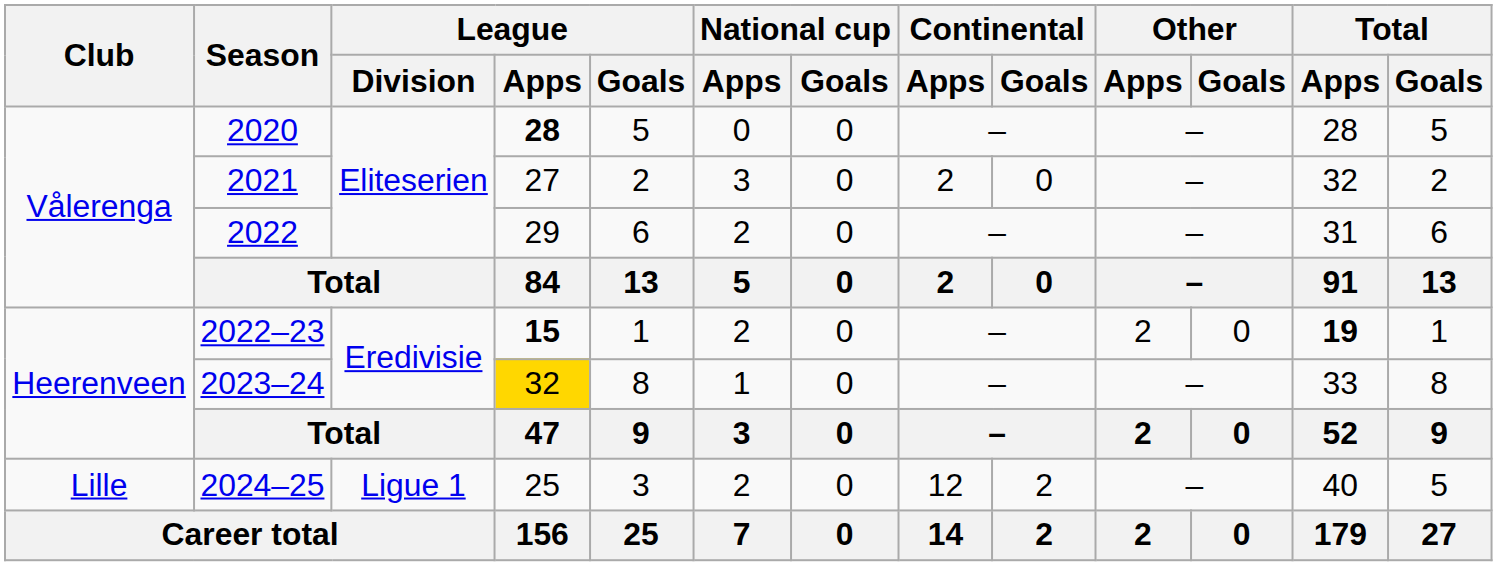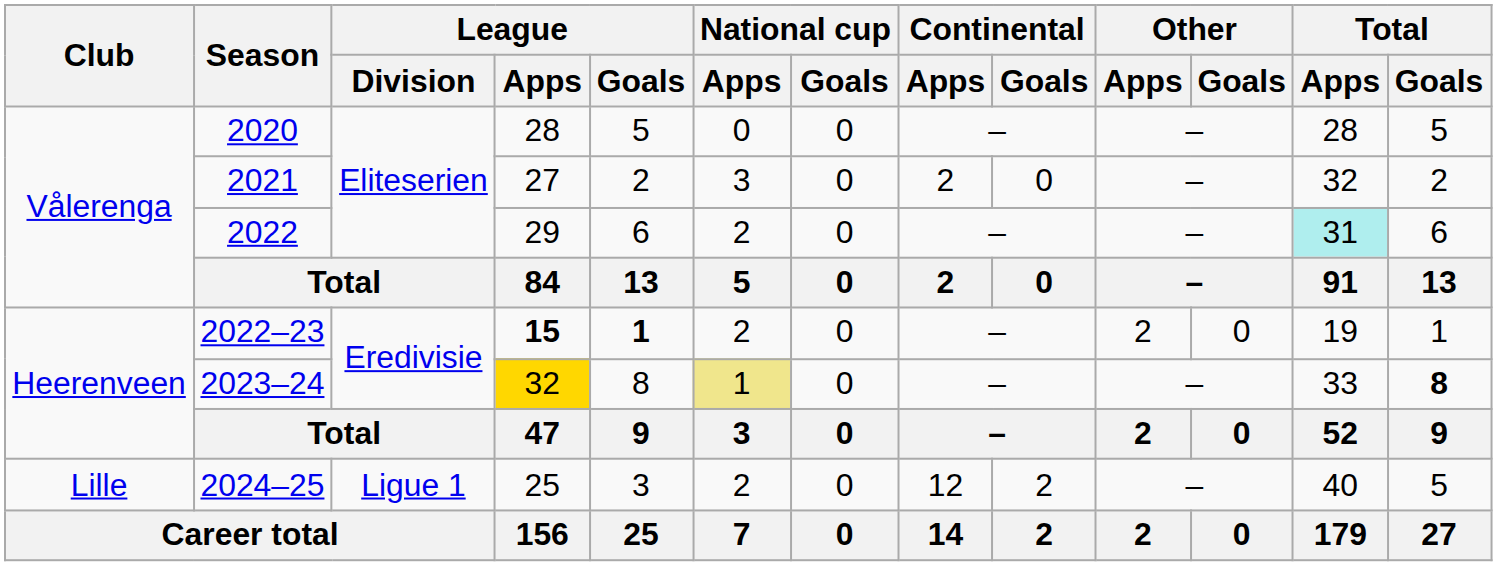 <table class="wikitable" style="text-align:center">
 <tr>
 <th rowspan="2">Club</th>
 <th rowspan="2">Season</th>
 <th colspan="3">League</th>
 <th colspan="2">National cup</th>
 <th colspan="2">Continental</th>
 <th colspan="2">Other</th>
 <th colspan="2">Total</th>
 </tr>
 <tr>
 <th>Division</th>
 <th>Apps</th>
 <th>Goals</th>
 <th>Apps</th>
 <th>Goals</th>
 <th>Apps</th>
 <th>Goals</th>
 <th>Apps</th>
 <th>Goals</th>
 <th>Apps</th>
 <th>Goals</th>
 </tr>
 <tr>
 <td rowspan="4"><a href='#'>Vålerenga</a></td>
 <td><a href='#'>2020</a></td>
 <td rowspan="3"><a href='#'>Eliteserien</a></td>
-<td><strong>28</strong></td>
+<td>28</td>
 <td>5</td>
 <td>0</td>
 <td>0</td>
 <td colspan="2">–</td>
 <td colspan="2">–</td>
 <td>28</td>
 <td>5</td>
 </tr>
 <tr>
 <td><a href='#'>2021</a></td>
 <td>27</td>
 <td>2</td>
 <td>3</td>
 <td>0</td>
 <td>2</td>
 <td>0</td>
 <td colspan="2">–</td>
 <td>32</td>
 <td>2</td>
 </tr>
 <tr>
 <td><a href='#'>2022</a></td>
 <td>29</td>
 <td>6</td>
 <td>2</td>
 <td>0</td>
 <td colspan="2">–</td>
 <td colspan="2">–</td>
-<td>31</td>
+<td style="background: paleturquoise;">31</td>
 <td>6</td>
 </tr>
 <tr>
 <th colspan="2">Total</th>
 <th>84</th>
 <th>13</th>
 <th>5</th>
 <th>0</th>
 <th>2</th>
 <th>0</th>
 <th colspan="2">–</th>
 <th>91</th>
 <th>13</th>
 </tr>
 <tr>
 <td rowspan="3"><a href='#'>Heerenveen</a></td>
 <td><a href='#'>2022–23</a></td>
 <td rowspan="2"><a href='#'>Eredivisie</a></td>
 <td><strong>15</strong></td>
-<td>1</td>
+<td><strong>1</strong></td>
 <td>2</td>
 <td>0</td>
 <td colspan="2">–</td>
 <td>2</td>
 <td>0</td>
-<td><strong>19</strong></td>
+<td>19</td>
 <td>1</td>
 </tr>
 <tr>
 <td><a href='#'>2023–24</a></td>
 <td style="background: gold;">32</td>
 <td>8</td>
-<td>1</td>
+<td style="background: khaki;">1</td>
 <td>0</td>
 <td colspan="2">–</td>
 <td colspan="2">–</td>
 <td>33</td>
-<td>8</td>
+<td><strong>8</strong></td>
 </tr>
 <tr>
 <th colspan="2">Total</th>
 <th>47</th>
 <th>9</th>
 <th>3</th>
 <th>0</th>
 <th colspan="2">–</th>
 <th>2</th>
 <th>0</th>
 <th>52</th>
 <th>9</th>
 </tr>
 <tr>
 <td><a href='#'>Lille</a></td>
 <td><a href='#'>2024–25</a></td>
 <td><a href='#'>Ligue 1</a></td>
 <td>25</td>
 <td>3</td>
 <td>2</td>
 <td>0</td>
 <td>12</td>
 <td>2</td>
 <td colspan="2">–</td>
 <td>40</td>
 <td>5</td>
 </tr>
 <tr>
 <th colspan="3">Career total</th>
 <th>156</th>
 <th>25</th>
 <th>7</th>
 <th>0</th>
 <th>14</th>
 <th>2</th>
 <th>2</th>
 <th>0</th>
 <th>179</th>
 <th>27</th>
 </tr>
 </table>
